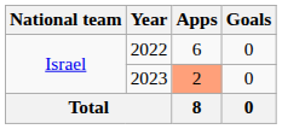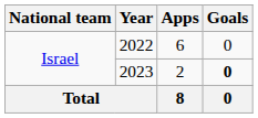 <table class="wikitable" style="text-align:center">
 <tr>
 <th>National team</th>
 <th>Year</th>
 <th>Apps</th>
 <th>Goals</th>
 </tr>
 <tr>
 <td rowspan="2"><a href='#'>Israel</a></td>
 <td>2022</td>
 <td>6</td>
 <td>0</td>
 </tr>
 <tr>
 <td>2023</td>
-<td style="background: lightsalmon;">2</td>
-<td>0</td>
+<td>2</td>
+<td><strong>0</strong></td>
 </tr>
 <tr>
 <th colspan="2">Total</th>
 <th>8</th>
 <th>0</th>
 </tr>
 </table>
